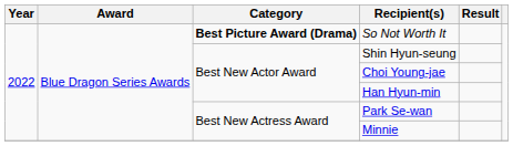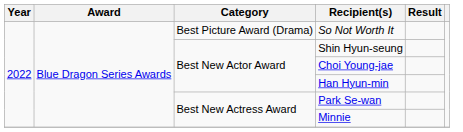 <table class="wikitable plainrowheaders sortable">
 <tr>
 <th scope="col">Year</th>
 <th scope="col">Award</th>
 <th scope="col">Category</th>
 <th scope="col">Recipient(s)</th>
 <th scope="col">Result</th>
 <th scope="col" class="unsortable"></th>
 </tr>
 <tr>
 <td scope="row" rowspan="6"><a href='#'>2022</a></td>
 <td scope="row" rowspan="6"><a href='#'>Blue Dragon Series Awards</a></td>
-<td><strong>Best Picture Award (Drama)</strong></td>
+<td>Best Picture Award (Drama)</td>
 <td><em>So Not Worth It</em></td>
 <td></td>
 <td rowspan="6"></td>
 </tr>
 <tr>
 <td rowspan=3>Best New Actor Award</td>
 <td>Shin Hyun-seung</td>
 <td></td>
 </tr>
 <tr>
 <td><a href='#'>Choi Young-jae</a></td>
 <td></td>
 </tr>
 <tr>
 <td><a href='#'>Han Hyun-min</a></td>
 <td></td>
 </tr>
 <tr>
 <td rowspan=2>Best New Actress Award</td>
 <td><a href='#'>Park Se-wan</a></td>
 <td></td>
 </tr>
 <tr>
 <td><a href='#'>Minnie</a></td>
 <td></td>
 </tr>
 <tr>
 </tr>
 </table>
